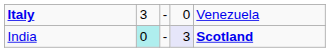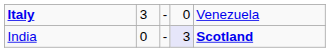 <table class="wikitable">
 <tr>
 <td width=150> <strong><a href='#'>Italy</a></strong></td>
 <td style="width:20px; text-align:left;">3</td>
 <td>-</td>
 <td style="width:20px; text-align:right;">0</td>
 <td width=150> <a href='#'>Venezuela</a></td>
 </tr>
 <tr>
 <td> <a href='#'>India</a></td>
-<td style="background: paleturquoise; text-align:left;">0</td>
+<td style="text-align:left;">0</td>
 <td>-</td>
 <td style="background: lavender; text-align:right;">3</td>
 <td> <strong><a href='#'>Scotland</a></strong></td>
 </tr>
 </table>
